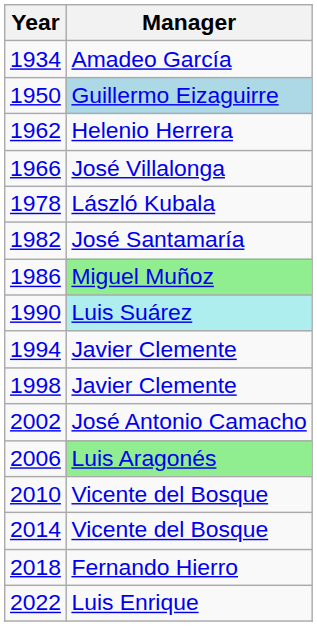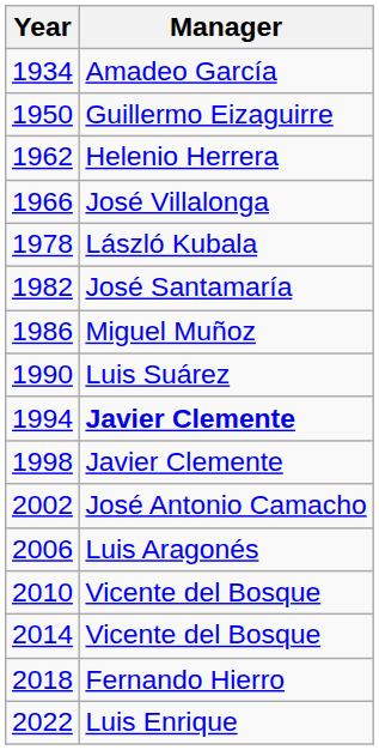 <table class="wikitable">
 <tr>
 <th>Year</th>
 <th>Manager</th>
 </tr>
 <tr>
 <td align=center><a href='#'>1934</a></td>
 <td> <a href='#'>Amadeo García</a></td>
 </tr>
 <tr>
 <td align=center><a href='#'>1950</a></td>
-<td style="background: lightblue;"> <a href='#'>Guillermo Eizaguirre</a></td>
+<td> <a href='#'>Guillermo Eizaguirre</a></td>
 </tr>
 <tr>
 <td align=center><a href='#'>1962</a></td>
 <td>  <a href='#'>Helenio Herrera</a></td>
 </tr>
 <tr>
 <td align=center><a href='#'>1966</a></td>
 <td> <a href='#'>José Villalonga</a></td>
 </tr>
 <tr>
 <td align=center><a href='#'>1978</a></td>
 <td>  <a href='#'>László Kubala</a></td>
 </tr>
 <tr>
 <td align=center><a href='#'>1982</a></td>
 <td>  <a href='#'>José Santamaría</a></td>
 </tr>
 <tr>
 <td align=center><a href='#'>1986</a></td>
-<td style="background: lightgreen;"> <a href='#'>Miguel Muñoz</a></td>
+<td> <a href='#'>Miguel Muñoz</a></td>
 </tr>
 <tr>
 <td align=center><a href='#'>1990</a></td>
-<td style="background: paleturquoise;"> <a href='#'>Luis Suárez</a></td>
+<td> <a href='#'>Luis Suárez</a></td>
 </tr>
 <tr>
 <td align=center><a href='#'>1994</a></td>
-<td> <a href='#'>Javier Clemente</a></td>
+<td><strong> <a href='#'>Javier Clemente</a></strong></td>
 </tr>
 <tr>
 <td align=center><a href='#'>1998</a></td>
 <td> <a href='#'>Javier Clemente</a></td>
 </tr>
 <tr>
 <td align=center><a href='#'>2002</a></td>
 <td> <a href='#'>José Antonio Camacho</a></td>
 </tr>
 <tr>
 <td align=center><a href='#'>2006</a></td>
-<td style="background: lightgreen;"> <a href='#'>Luis Aragonés</a></td>
+<td> <a href='#'>Luis Aragonés</a></td>
 </tr>
 <tr>
 <td align=center><a href='#'>2010</a></td>
 <td> <a href='#'>Vicente del Bosque</a></td>
 </tr>
 <tr>
 <td align=center><a href='#'>2014</a></td>
 <td> <a href='#'>Vicente del Bosque</a></td>
 </tr>
 <tr>
 <td align=center><a href='#'>2018</a></td>
 <td> <a href='#'>Fernando Hierro</a></td>
 </tr>
 <tr>
 <td align=center><a href='#'>2022</a></td>
 <td> <a href='#'>Luis Enrique</a></td>
 </tr>
 </table>
